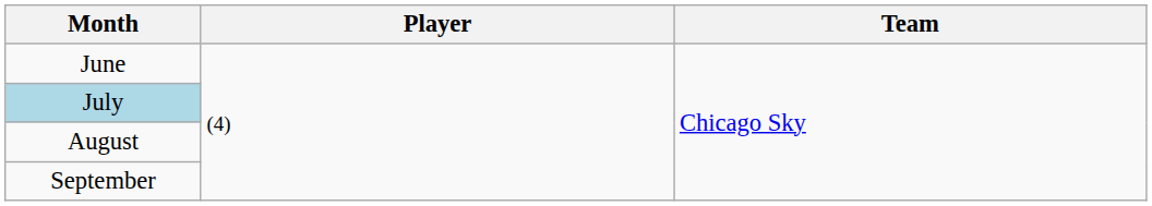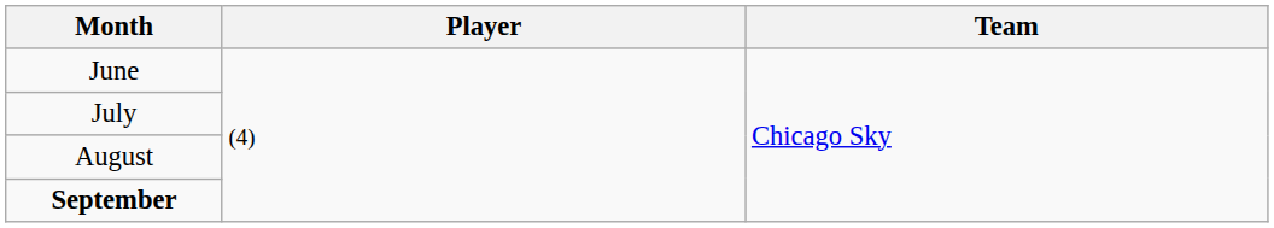 <table class="wikitable sortable" border="1">
 <tr>
 <th width=120px>Month</th>
 <th width=300px>Player</th>
 <th width=300px>Team</th>
 </tr>
 <tr>
 <td align=center>June</td>
 <td rowspan="4"> <small>(4)</small></td>
 <td rowspan="4"><a href='#'>Chicago Sky</a></td>
 </tr>
 <tr>
-<td align=center style="background: lightblue;">July</td>
+<td align=center>July</td>
 </tr>
 <tr>
 <td align=center>August</td>
 </tr>
 <tr>
-<td align=center>September</td>
+<td align=center><strong>September</strong></td>
 </tr>
 </table>
